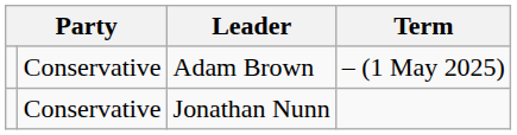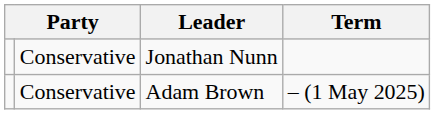 <table class="wikitable">
 <tr>
 <th colspan="2">Party</th>
 <th>Leader</th>
 <th>Term</th>
 </tr>
 <tr>
 <td style="background:"></td>
 <td>Conservative</td>
-<td>Adam Brown</td>
-<td> – (1 May 2025)</td>
+<td>Jonathan Nunn</td>
+<td></td>
 </tr>
 <tr>
 <td style="background:"></td>
 <td>Conservative</td>
-<td>Jonathan Nunn</td>
-<td></td>
+<td>Adam Brown</td>
+<td> – (1 May 2025)</td>
 </tr>
 </table>
